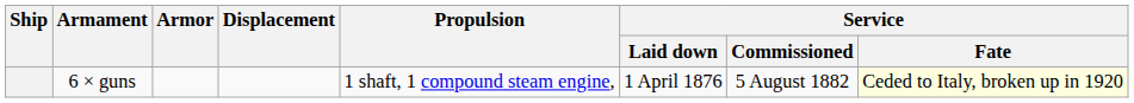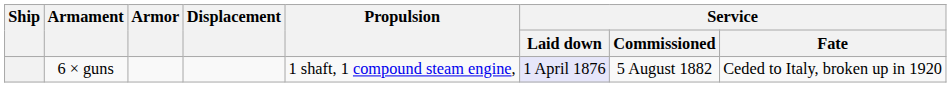 <table class="wikitable plainrowheaders" style="text-align: center;">
 <tr valign="top">
 <th scope="col" rowspan="2">Ship</th>
 <th scope="col" rowspan="2">Armament</th>
 <th scope="col" rowspan="2">Armor</th>
 <th scope="col" rowspan="2">Displacement</th>
 <th scope="col" rowspan="2">Propulsion</th>
 <th scope="col" colspan="3">Service</th>
 </tr>
 <tr valign="top">
 <th scope="col">Laid down</th>
 <th scope="col">Commissioned</th>
 <th scope="col">Fate</th>
 </tr>
 <tr valign="center">
 <th scope="row"></th>
 <td>6 ×  guns</td>
 <td></td>
 <td></td>
 <td>1 shaft, 1 <a href='#'>compound steam engine</a>, </td>
-<td>1 April 1876</td>
+<td style="background: lavender;">1 April 1876</td>
 <td>5 August 1882</td>
-<td style="background: lightyellow;">Ceded to Italy, broken up in 1920</td>
+<td>Ceded to Italy, broken up in 1920</td>
 </tr>
 </table>
